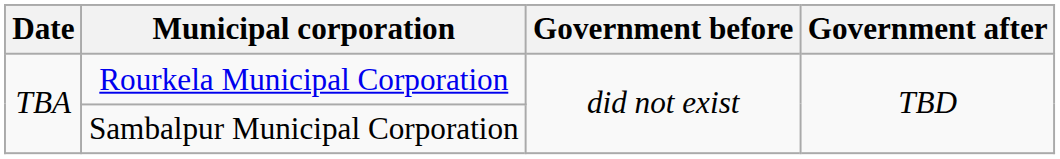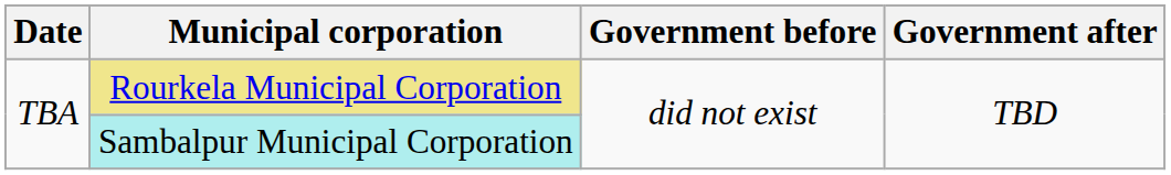 <table class="wikitable sortable"style="text-align:center;">
 <tr>
 <th>Date</th>
 <th>Municipal corporation</th>
 <th colspan="2">Government before</th>
 <th colspan="2">Government after</th>
 </tr>
 <tr>
 <td rowspan="2"><em>TBA</em></td>
-<td><a href='#'>Rourkela Municipal Corporation</a></td>
+<td style="background: khaki;"><a href='#'>Rourkela Municipal Corporation</a></td>
 <td style="text-align:center;" colspan=2 rowspan=2><em>did not exist</em></td>
 <td Colspan=2 rowspan="2"><em>TBD</em></td>
 </tr>
 <tr>
-<td>Sambalpur Municipal Corporation</td>
+<td style="background: paleturquoise;">Sambalpur Municipal Corporation</td>
 </tr>
 </table>
